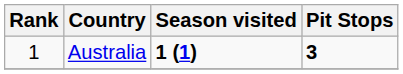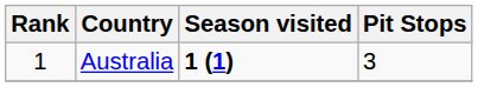 <table class="wikitable">
 <tr>
 <th>Rank</th>
 <th>Country</th>
 <th>Season visited</th>
 <th>Pit Stops</th>
 </tr>
 <tr>
 <td style="text-align:center;">1</td>
 <td><a href='#'>Australia</a></td>
 <td><strong>1 (<a href='#'>1</a>)</strong></td>
-<td><strong>3</strong></td>
+<td>3</td>
 </tr>
 <tr>
 </tr>
 </table>
